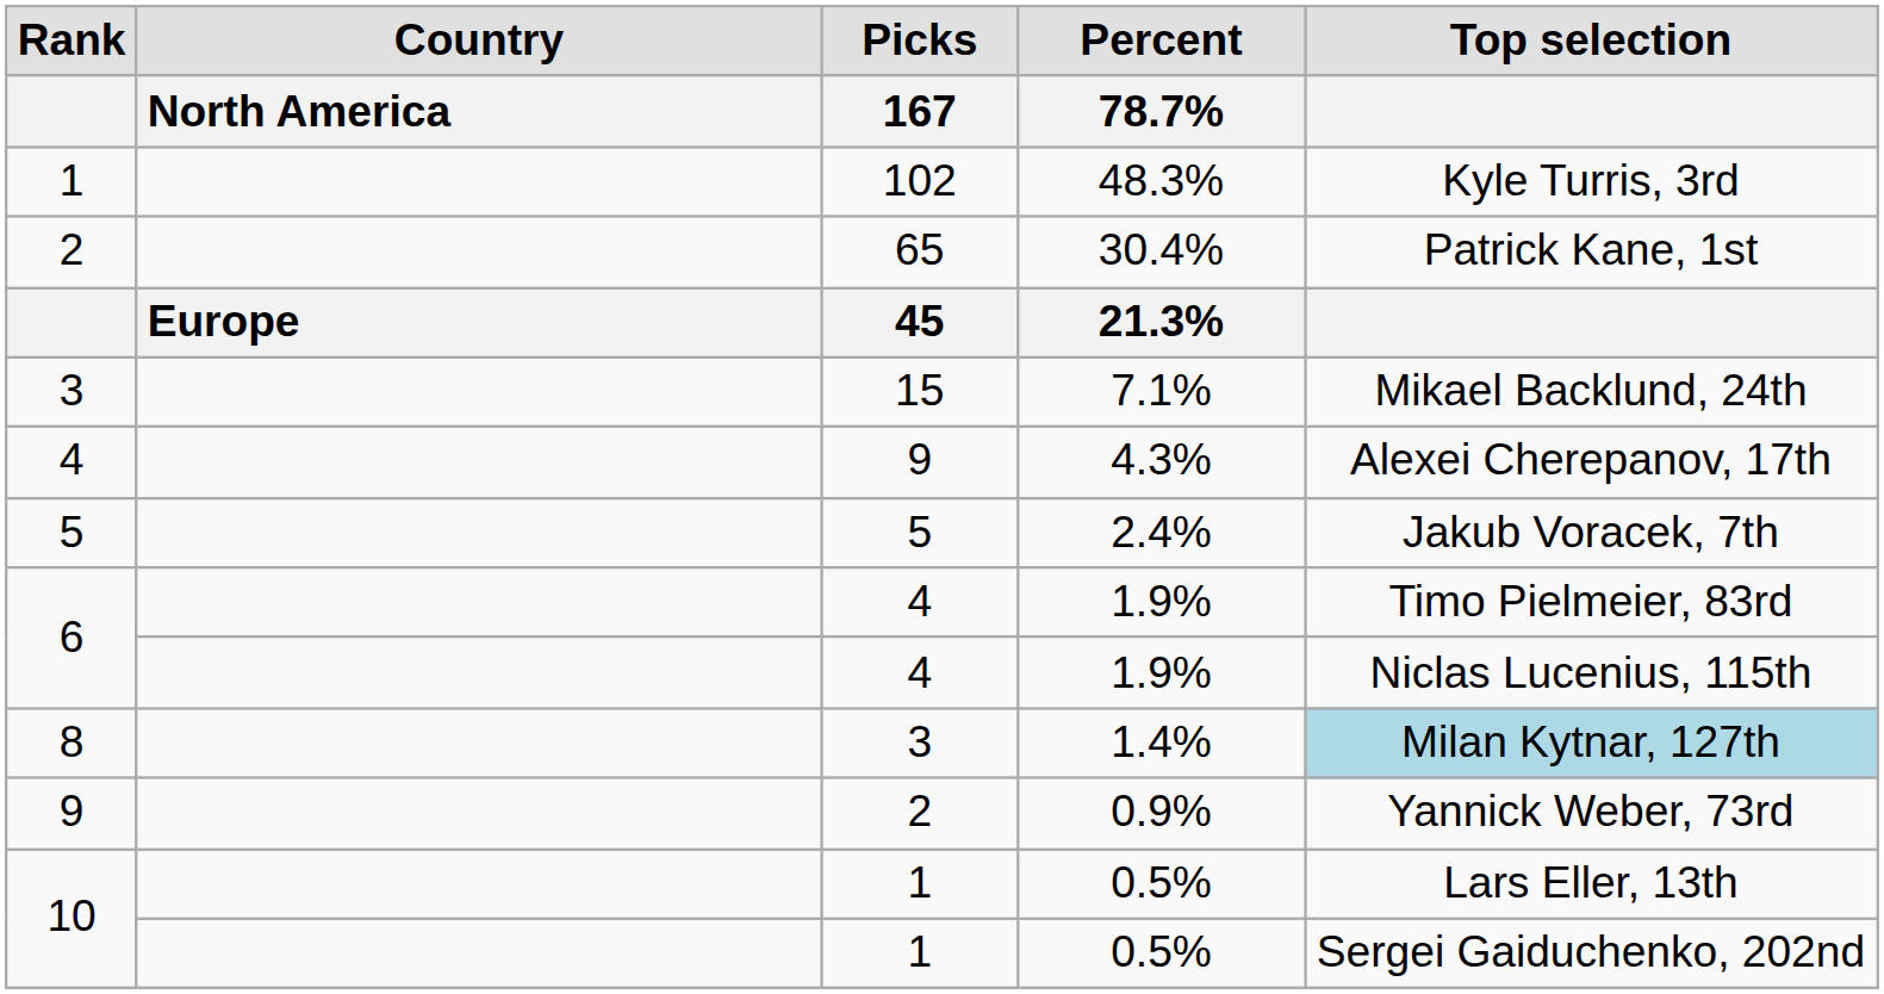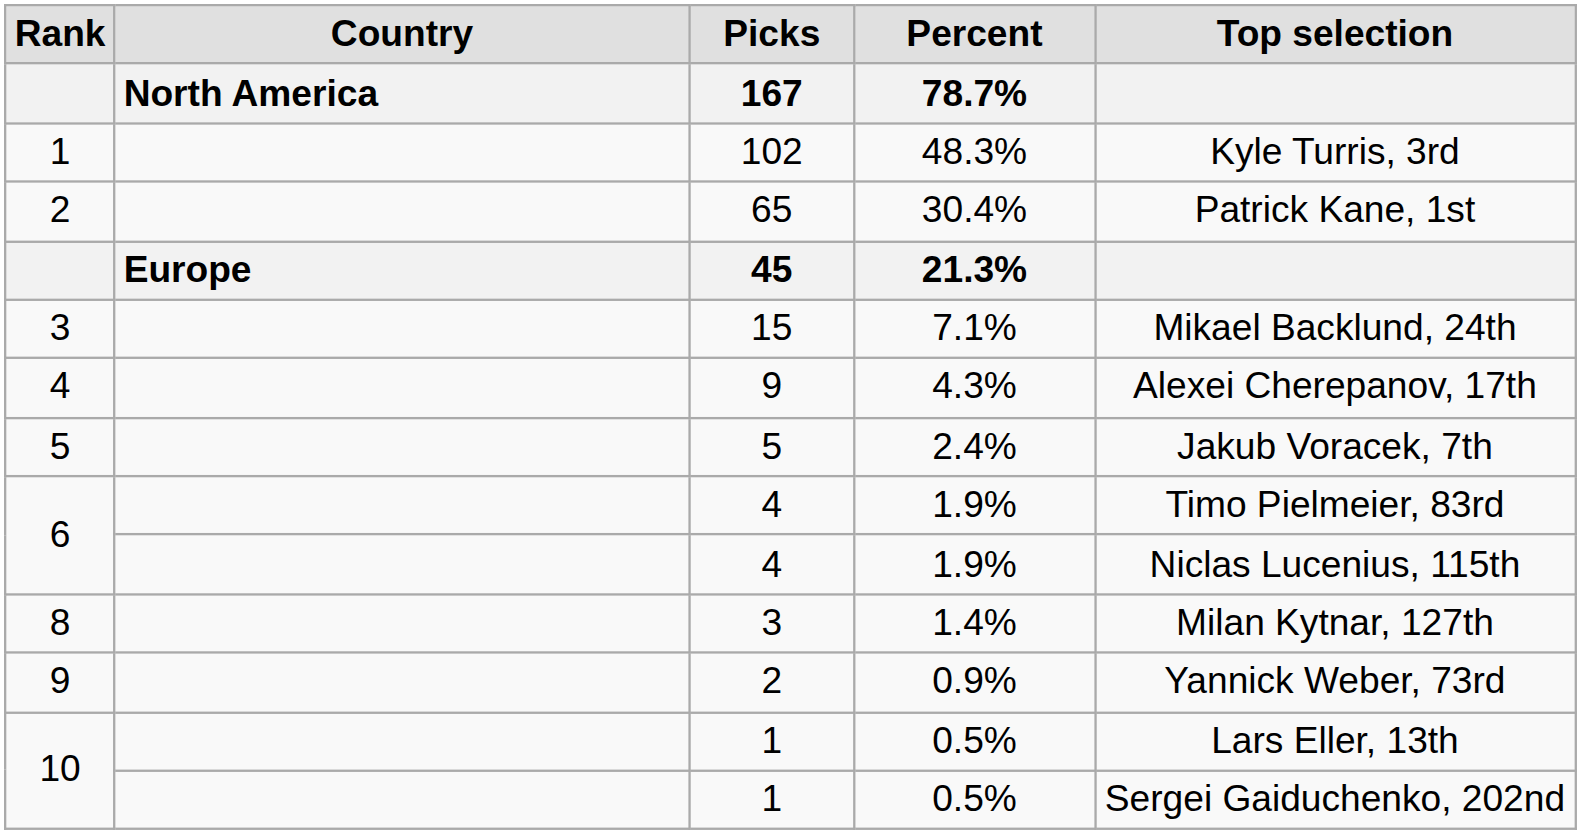 <table class="wikitable" style="text-align: center">
 <tr>
 <th style="background:#e0e0e0; width:2.5em;">Rank</th>
 <th style="background:#e0e0e0; width:15em;">Country</th>
 <th style="background:#e0e0e0; width:4em;">Picks</th>
 <th style="background:#e0e0e0; width:6em;">Percent</th>
 <th style="background:#e0e0e0; width:12.5em;">Top selection</th>
 </tr>
 <tr>
 <th></th>
 <th style="text-align:left;">North America</th>
 <th>167</th>
 <th>78.7%</th>
 <th></th>
 </tr>
 <tr>
 <td>1</td>
 <td style="text-align:left;"></td>
 <td>102</td>
 <td>48.3%</td>
 <td>Kyle Turris, 3rd</td>
 </tr>
 <tr>
 <td>2</td>
 <td style="text-align:left;"></td>
 <td>65</td>
 <td>30.4%</td>
 <td>Patrick Kane, 1st</td>
 </tr>
 <tr>
 <th></th>
 <th style="text-align:left;">Europe</th>
 <th>45</th>
 <th>21.3%</th>
 <th></th>
 </tr>
 <tr>
 <td>3</td>
 <td style="text-align:left;"></td>
 <td>15</td>
 <td>7.1%</td>
 <td>Mikael Backlund, 24th</td>
 </tr>
 <tr>
 <td>4</td>
 <td style="text-align:left;"></td>
 <td>9</td>
 <td>4.3%</td>
 <td>Alexei Cherepanov, 17th</td>
 </tr>
 <tr>
 <td>5</td>
 <td style="text-align:left;"></td>
 <td>5</td>
 <td>2.4%</td>
 <td>Jakub Voracek, 7th</td>
 </tr>
 <tr>
 <td rowspan="2">6</td>
 <td style="text-align:left;"></td>
 <td>4</td>
 <td>1.9%</td>
 <td>Timo Pielmeier, 83rd</td>
 </tr>
 <tr>
 <td style="text-align:left;"></td>
 <td>4</td>
 <td>1.9%</td>
 <td>Niclas Lucenius, 115th</td>
 </tr>
 <tr>
 <td>8</td>
 <td style="text-align:left;"></td>
 <td>3</td>
 <td>1.4%</td>
-<td style="background: lightblue;">Milan Kytnar, 127th</td>
+<td>Milan Kytnar, 127th</td>
 </tr>
 <tr>
 <td>9</td>
 <td style="text-align:left;"></td>
 <td>2</td>
 <td>0.9%</td>
 <td>Yannick Weber, 73rd</td>
 </tr>
 <tr>
 <td rowspan="2">10</td>
 <td style="text-align:left;"></td>
 <td>1</td>
 <td>0.5%</td>
 <td>Lars Eller, 13th</td>
 </tr>
 <tr>
 <td style="text-align:left;"></td>
 <td>1</td>
 <td>0.5%</td>
 <td>Sergei Gaiduchenko, 202nd</td>
 </tr>
 </table>
